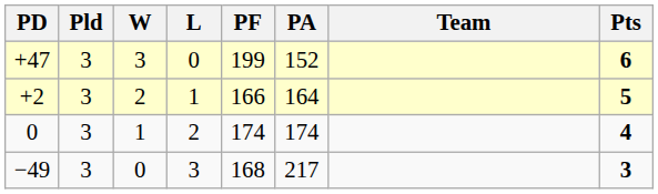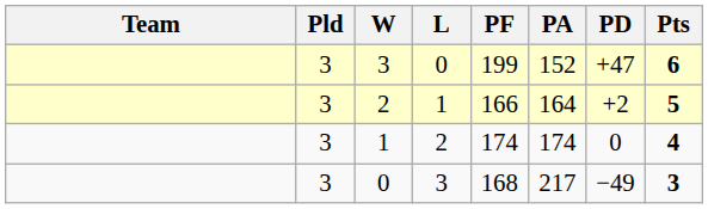 <table class=wikitable style="text-align:center">
 <tr>
-<th width=30>PD</th>
+<th width=180>Team</th>
 <th width=30>Pld</th>
 <th width=30>W</th>
 <th width=30>L</th>
 <th width=30>PF</th>
 <th width=30>PA</th>
-<th width=180>Team</th>
+<th width=30>PD</th>
 <th width=30>Pts</th>
 </tr>
 <tr bgcolor="#ffffcc">
-<td>+47</td>
+<td align="left"></td>
 <td>3</td>
 <td>3</td>
 <td>0</td>
 <td>199</td>
 <td>152</td>
-<td align="left"></td>
+<td>+47</td>
 <td><strong>6</strong></td>
 </tr>
 <tr bgcolor="#ffffcc">
-<td>+2</td>
+<td align="left"></td>
 <td>3</td>
 <td>2</td>
 <td>1</td>
 <td>166</td>
 <td>164</td>
-<td align="left"></td>
+<td>+2</td>
 <td><strong>5</strong></td>
 </tr>
 <tr>
-<td>0</td>
+<td align="left"></td>
 <td>3</td>
 <td>1</td>
 <td>2</td>
 <td>174</td>
 <td>174</td>
-<td align="left"></td>
+<td>0</td>
 <td><strong>4</strong></td>
 </tr>
 <tr>
-<td>−49</td>
+<td align="left"></td>
 <td>3</td>
 <td>0</td>
 <td>3</td>
 <td>168</td>
 <td>217</td>
-<td align="left"></td>
+<td>−49</td>
 <td><strong>3</strong></td>
 </tr>
 </table>
